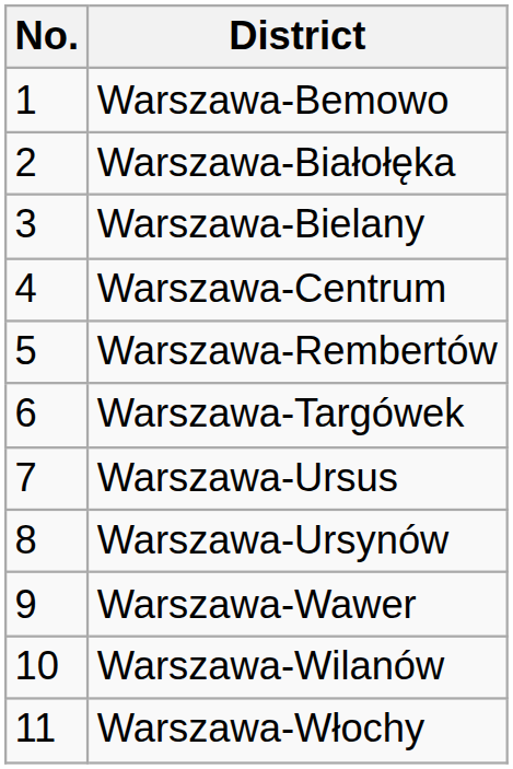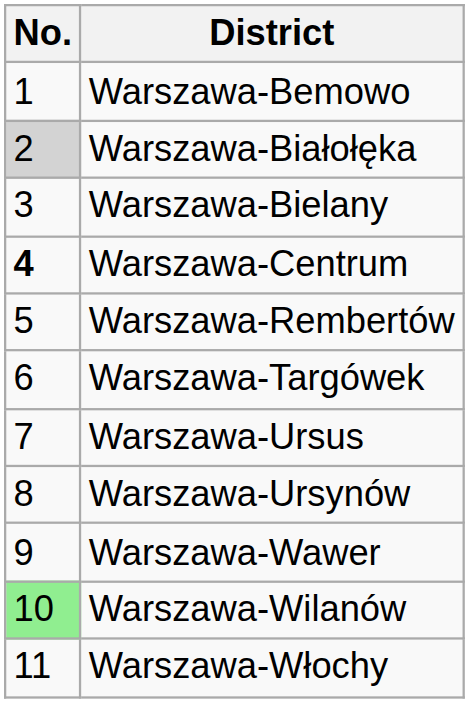 <table class="wikitable">
 <tr>
 <th>No.</th>
 <th>District</th>
 </tr>
 <tr>
 <td>1</td>
 <td>Warszawa-Bemowo</td>
 </tr>
 <tr>
-<td>2</td>
+<td style="background: lightgrey;">2</td>
 <td>Warszawa-Białołęka</td>
 </tr>
 <tr>
 <td>3</td>
 <td>Warszawa-Bielany</td>
 </tr>
 <tr>
-<td>4</td>
+<td><strong>4</strong></td>
 <td>Warszawa-Centrum</td>
 </tr>
 <tr>
 <td>5</td>
 <td>Warszawa-Rembertów</td>
 </tr>
 <tr>
 <td>6</td>
 <td>Warszawa-Targówek</td>
 </tr>
 <tr>
 <td>7</td>
 <td>Warszawa-Ursus</td>
 </tr>
 <tr>
 <td>8</td>
 <td>Warszawa-Ursynów</td>
 </tr>
 <tr>
 <td>9</td>
 <td>Warszawa-Wawer</td>
 </tr>
 <tr>
-<td>10</td>
+<td style="background: lightgreen;">10</td>
 <td>Warszawa-Wilanów</td>
 </tr>
 <tr>
 <td>11</td>
 <td>Warszawa-Włochy</td>
 </tr>
 </table>
